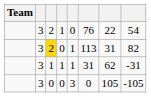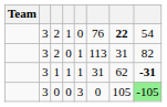 <table class="wikitable" style="text-align: center;">
 <tr>
 <th>Team</th>
 <th></th>
 <th></th>
 <th></th>
 <th></th>
 <th></th>
 <th></th>
 <th></th>
 </tr>
 <tr>
 <td align="left"></td>
 <td>3</td>
 <td>2</td>
 <td>1</td>
 <td>0</td>
 <td>76</td>
-<td>22</td>
+<td><strong>22</strong></td>
 <td>54</td>
 </tr>
 <tr>
 <td align="left"></td>
 <td>3</td>
-<td style="background: gold;">2</td>
+<td>2</td>
 <td>0</td>
 <td>1</td>
 <td>113</td>
 <td>31</td>
 <td>82</td>
 </tr>
 <tr>
 <td align="left"></td>
 <td>3</td>
 <td>1</td>
 <td>1</td>
 <td>1</td>
 <td>31</td>
 <td>62</td>
-<td>-31</td>
+<td><strong>-31</strong></td>
 </tr>
 <tr>
 <td align="left"></td>
 <td>3</td>
 <td>0</td>
 <td>0</td>
 <td>3</td>
 <td>0</td>
 <td>105</td>
-<td>-105</td>
+<td style="background: lightgreen;">-105</td>
 </tr>
 </table>
